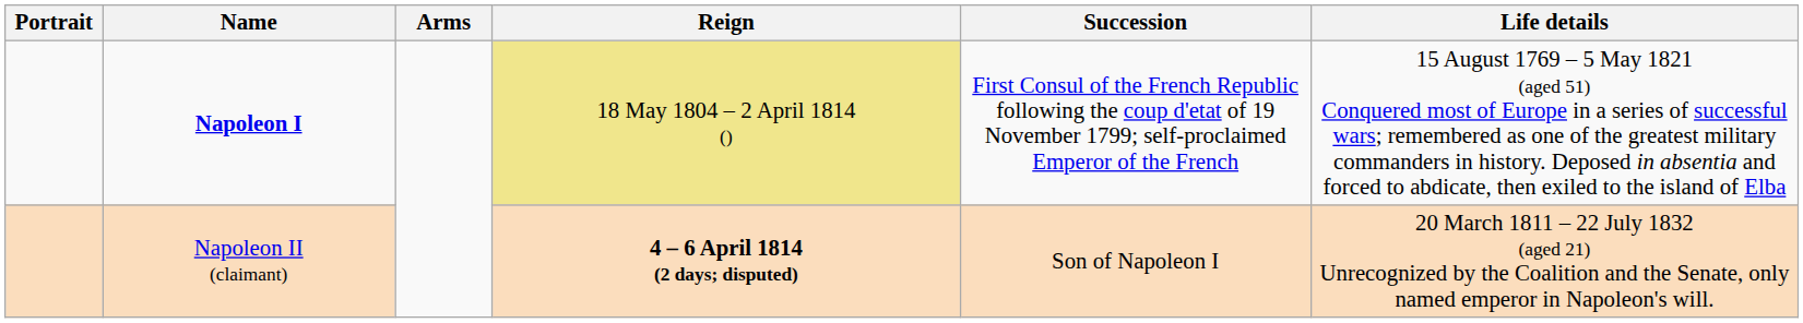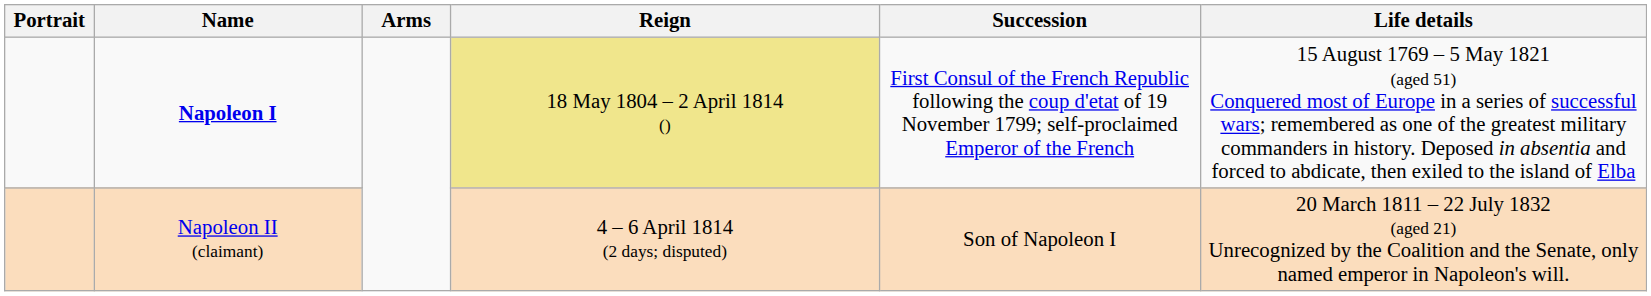 <table class="wikitable" style="text-align:center; width:100%;">
 <tr>
 <th width="5%">Portrait</th>
 <th width="15%">Name</th>
 <th width="5%">Arms</th>
 <th width="24%">Reign</th>
 <th width="18%">Succession</th>
 <th width="25%">Life details</th>
 </tr>
 <tr>
 <td></td>
 <td><strong><a href='#'>Napoleon I</a></strong></td>
 <td rowspan="2"></td>
 <td style="background: khaki;">18 May 1804 – 2 April 1814<br><small>()</small></td>
 <td><a href='#'>First Consul of the French Republic</a> following the <a href='#'>coup d'etat</a> of 19 November 1799; self-proclaimed <a href='#'>Emperor of the French</a></td>
 <td>15 August 1769 – 5 May 1821<br><small>(aged 51)</small><br><a href='#'>Conquered most of Europe</a> in a series of <a href='#'>successful wars</a>; remembered as one of the greatest military commanders in history. Deposed <em>in absentia</em> and forced to abdicate, then exiled to the island of <a href='#'>Elba</a></td>
 </tr>
 <tr>
 <td bgcolor="#FBDDBD"></td>
 <td bgcolor="#FBDDBD"><a href='#'>Napoleon II</a><br><small>(claimant)</small></td>
-<td bgcolor="#FBDDBD"><strong>4 – 6 April 1814<br><small>(2 days; disputed)</small></strong></td>
+<td bgcolor="#FBDDBD">4 – 6 April 1814<br><small>(2 days; disputed)</small></td>
 <td bgcolor="#FBDDBD">Son of Napoleon I</td>
 <td bgcolor="#FBDDBD">20 March 1811 – 22 July 1832<br><small>(aged 21)</small><br>Unrecognized by the Coalition and the Senate, only named emperor in Napoleon's will.</td>
 </tr>
 </table>
